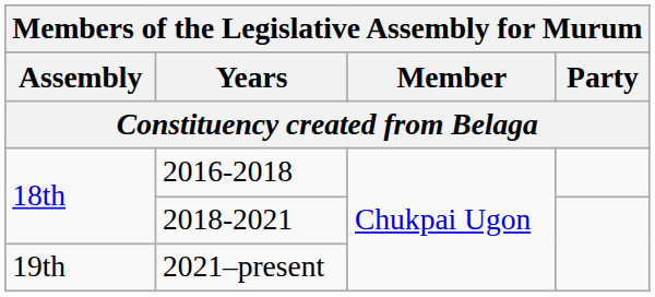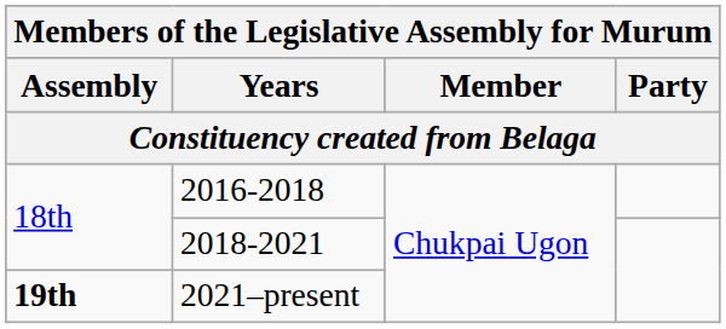 <table class=wikitable>
 <tr>
 <th colspan="4">Members of the Legislative Assembly for Murum</th>
 </tr>
 <tr>
 <th>Assembly</th>
 <th>Years</th>
 <th>Member</th>
 <th>Party</th>
 </tr>
 <tr>
 <th colspan=4 align=center><em>Constituency created from Belaga</em></th>
 </tr>
 <tr>
 <td rowspan="2"><a href='#'>18th</a></td>
 <td>2016-2018</td>
 <td rowspan="3"><a href='#'>Chukpai Ugon</a></td>
 <td></td>
 </tr>
 <tr>
 <td>2018-2021</td>
 <td rowspan=2></td>
 </tr>
 <tr>
-<td>19th</td>
+<td><strong>19th</strong></td>
 <td>2021–present</td>
 </tr>
 </table>
